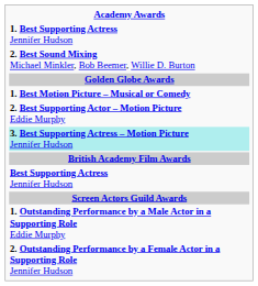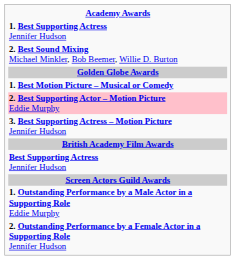 <table class="infobox" style="width: 26em; font-size: 85%;">
 <tr>
 <th colspan="2"><a href='#'>Academy Awards</a></th>
 </tr>
 <tr>
 <td><strong>1. <a href='#'>Best Supporting Actress</a></strong><br> <a href='#'>Jennifer Hudson</a></td>
 </tr>
 <tr>
 <td><strong>2. <a href='#'>Best Sound Mixing</a></strong><br> <a href='#'>Michael Minkler</a>, <a href='#'>Bob Beemer</a>, <a href='#'>Willie D. Burton</a></td>
 </tr>
 <tr style="background:#ccc; text-align:center;">
 <th colspan="2"><a href='#'>Golden Globe Awards</a></th>
 </tr>
 <tr>
 <td><strong>1. <a href='#'>Best Motion Picture – Musical or Comedy</a></strong></td>
 </tr>
 <tr>
-<td><strong>2. <a href='#'>Best Supporting Actor – Motion Picture</a></strong><br> <a href='#'>Eddie Murphy</a></td>
+<td style="background: pink;"><strong>2. <a href='#'>Best Supporting Actor – Motion Picture</a></strong><br> <a href='#'>Eddie Murphy</a></td>
 </tr>
 <tr>
-<td style="background: paleturquoise;"><strong>3. <a href='#'>Best Supporting Actress – Motion Picture</a></strong><br> <a href='#'>Jennifer Hudson</a></td>
+<td><strong>3. <a href='#'>Best Supporting Actress – Motion Picture</a></strong><br> <a href='#'>Jennifer Hudson</a></td>
 </tr>
 <tr style="background:#ccc; text-align:center;">
 <th><a href='#'>British Academy Film Awards</a></th>
 </tr>
 <tr>
 <td><strong><a href='#'>Best Supporting Actress</a></strong><br> <a href='#'>Jennifer Hudson</a></td>
 </tr>
 <tr style="background:#ccc; text-align:center;">
 <th colspan="2"><a href='#'>Screen Actors Guild Awards</a></th>
 </tr>
 <tr>
 <td><strong>1. <a href='#'>Outstanding Performance by a Male  Actor in a Supporting Role</a></strong><br> <a href='#'>Eddie Murphy</a></td>
 </tr>
 <tr>
 <td><strong>2. <a href='#'>Outstanding Performance by a Female  Actor in a Supporting Role</a></strong><br> <a href='#'>Jennifer Hudson</a></td>
 </tr>
 </table>
